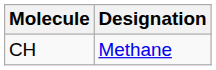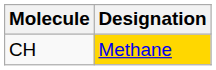 <table class="wikitable sortable">
 <tr>
 <th scope="col">Molecule</th>
 <th scope="col">Designation</th>
 </tr>
 <tr>
 <td>CH</td>
-<td><a href='#'>Methane</a></td>
+<td style="background: gold;"><a href='#'>Methane</a></td>
 </tr>
 </table>
